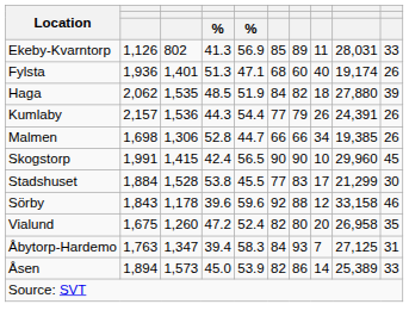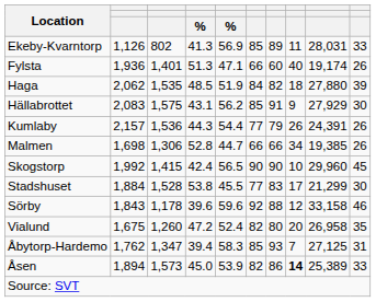 <table role="presentation" class="wikitable sortable mw-collapsible">
 <tr>
 <th rowspan="3">Location</th>
 <th></th>
 <th></th>
 <th></th>
 <th></th>
 <th></th>
 <th></th>
 <th></th>
 <th></th>
 <th></th>
 </tr>
 <tr>
 <th></th>
 <th></th>
 <th style="background:"></th>
 <th style="background:"></th>
 <th></th>
 <th></th>
 <th></th>
 <th></th>
 <th></th>
 </tr>
 <tr>
 <th data-sort-type="number"></th>
 <th data-sort-type="number"></th>
 <th data-sort-type="number">%</th>
 <th data-sort-type="number">%</th>
 <th data-sort-type="number"></th>
 <th data-sort-type="number"></th>
 <th data-sort-type="number"></th>
 <th data-sort-type="number"></th>
 <th data-sort-type="number"></th>
 </tr>
 <tr>
 <td align="left">Ekeby-Kvarntorp</td>
 <td>1,126</td>
 <td>802</td>
 <td>41.3</td>
 <td>56.9</td>
 <td>85</td>
 <td>89</td>
 <td>11</td>
 <td>28,031</td>
 <td>33</td>
 </tr>
 <tr>
 <td align="left">Fylsta</td>
 <td>1,936</td>
 <td>1,401</td>
 <td>51.3</td>
 <td>47.1</td>
-<td>68</td>
+<td>66</td>
 <td>60</td>
 <td>40</td>
 <td>19,174</td>
 <td>26</td>
 </tr>
 <tr>
 <td align="left">Haga</td>
 <td>2,062</td>
 <td>1,535</td>
 <td>48.5</td>
 <td>51.9</td>
 <td>84</td>
 <td>82</td>
 <td>18</td>
 <td>27,880</td>
 <td>39</td>
+</tr>
+<tr>
+<td align="left">Hällabrottet</td>
+<td>2,083</td>
+<td>1,575</td>
+<td>43.1</td>
+<td>56.2</td>
+<td>85</td>
+<td>91</td>
+<td>9</td>
+<td>27,929</td>
+<td>30</td>
 </tr>
 <tr>
 <td align="left">Kumlaby</td>
 <td>2,157</td>
 <td>1,536</td>
 <td>44.3</td>
 <td>54.4</td>
 <td>77</td>
 <td>79</td>
 <td>26</td>
 <td>24,391</td>
 <td>26</td>
 </tr>
 <tr>
 <td align="left">Malmen</td>
 <td>1,698</td>
 <td>1,306</td>
 <td>52.8</td>
 <td>44.7</td>
 <td>66</td>
 <td>66</td>
 <td>34</td>
 <td>19,385</td>
 <td>26</td>
 </tr>
 <tr>
 <td align="left">Skogstorp</td>
-<td>1,991</td>
+<td>1,992</td>
 <td>1,415</td>
 <td>42.4</td>
 <td>56.5</td>
 <td>90</td>
 <td>90</td>
 <td>10</td>
 <td>29,960</td>
 <td>45</td>
 </tr>
 <tr>
 <td align="left">Stadshuset</td>
 <td>1,884</td>
 <td>1,528</td>
 <td>53.8</td>
 <td>45.5</td>
 <td>77</td>
 <td>83</td>
 <td>17</td>
 <td>21,299</td>
 <td>30</td>
 </tr>
 <tr>
 <td align="left">Sörby</td>
 <td>1,843</td>
 <td>1,178</td>
 <td>39.6</td>
 <td>59.6</td>
 <td>92</td>
 <td>88</td>
 <td>12</td>
 <td>33,158</td>
 <td>46</td>
 </tr>
 <tr>
 <td align="left">Vialund</td>
 <td>1,675</td>
 <td>1,260</td>
 <td>47.2</td>
 <td>52.4</td>
 <td>82</td>
 <td>80</td>
 <td>20</td>
 <td>26,958</td>
 <td>35</td>
 </tr>
 <tr>
 <td align="left">Åbytorp-Hardemo</td>
-<td>1,763</td>
+<td>1,762</td>
 <td>1,347</td>
 <td>39.4</td>
 <td>58.3</td>
-<td>84</td>
+<td>85</td>
 <td>93</td>
 <td>7</td>
 <td>27,125</td>
 <td>31</td>
 </tr>
 <tr>
 <td align="left">Åsen</td>
 <td>1,894</td>
 <td>1,573</td>
 <td>45.0</td>
 <td>53.9</td>
 <td>82</td>
 <td>86</td>
-<td>14</td>
+<td><strong>14</strong></td>
 <td>25,389</td>
 <td>33</td>
 </tr>
 <tr>
 <td colspan="10" align="left">Source: <a href='#'>SVT</a></td>
 </tr>
 </table>
